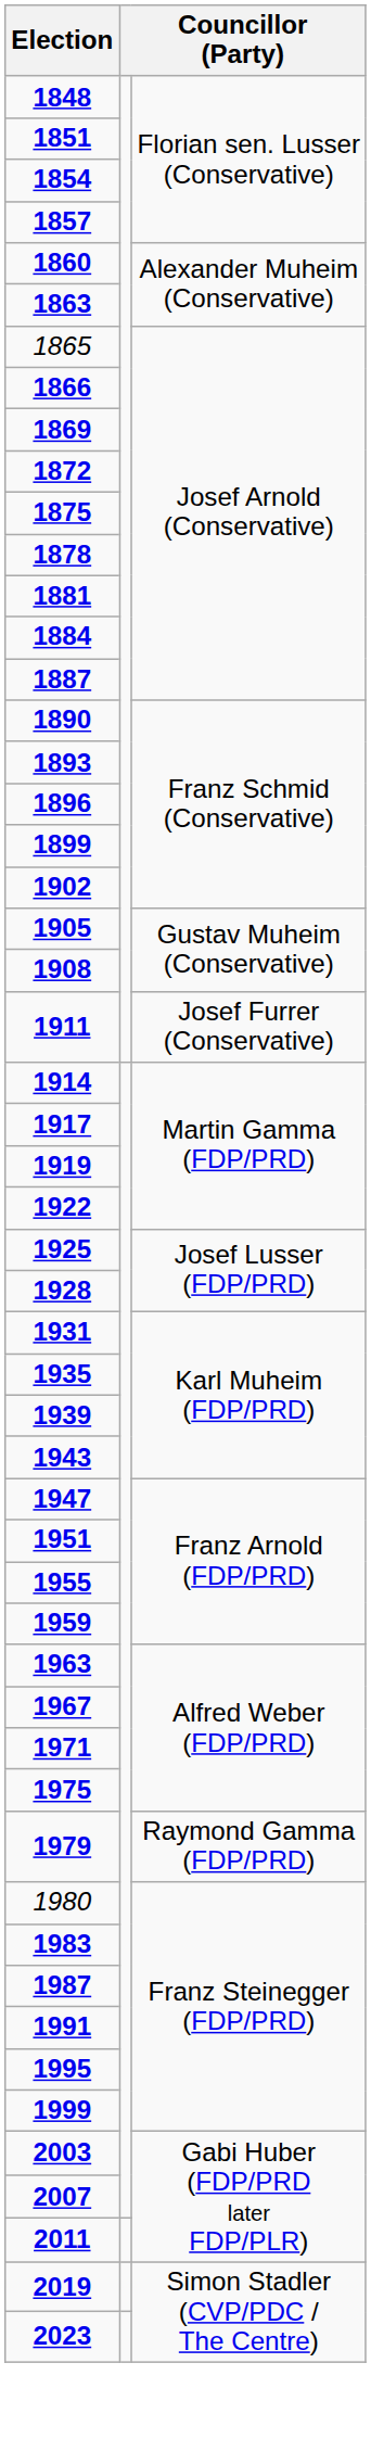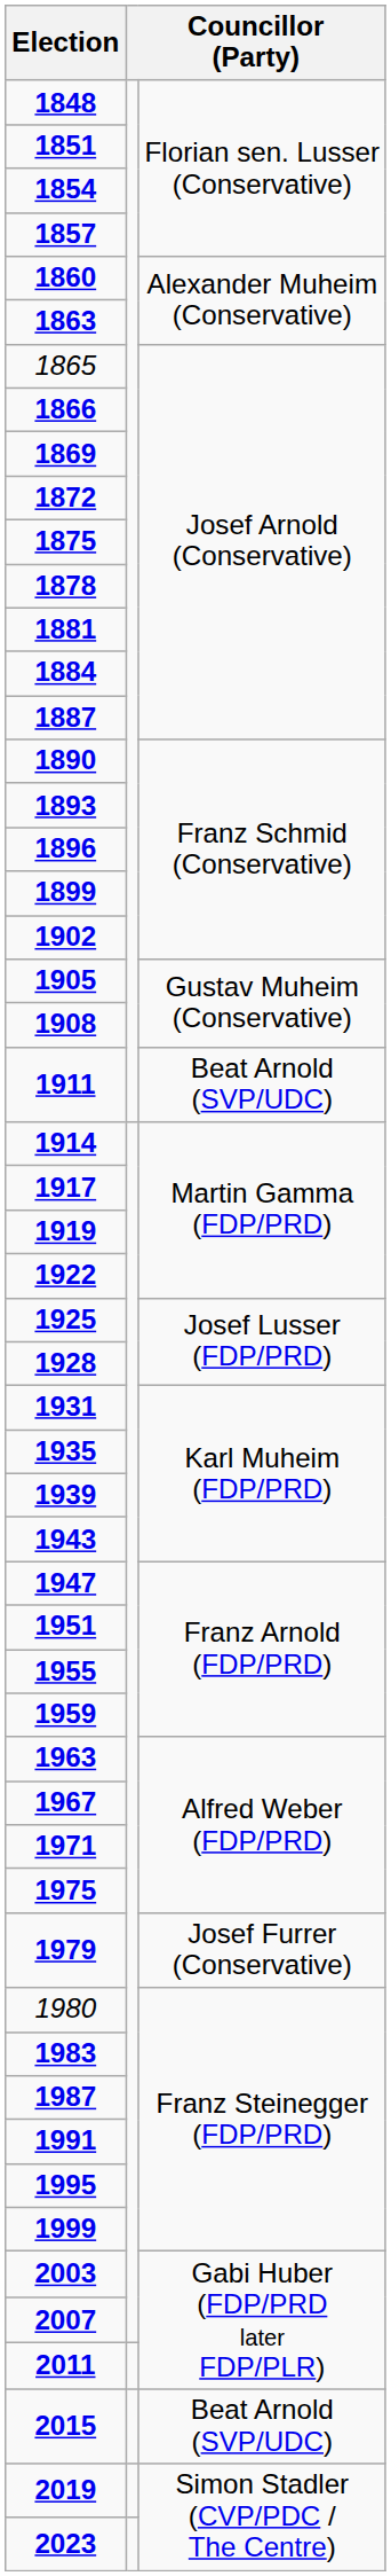 <table class="wikitable" style="text-align:center">
 <tr>
 <th>Election</th>
 <th colspan=2>Councillor<br>(Party)</th>
 </tr>
 <tr>
 <td><strong><a href='#'>1848</a></strong></td>
 <td rowspan=23; style="background-color: "></td>
 <td rowspan=4>Florian sen. Lusser<br>(Conservative)</td>
 </tr>
 <tr>
 <td><strong><a href='#'>1851</a></strong></td>
 </tr>
 <tr>
 <td><strong><a href='#'>1854</a></strong></td>
 </tr>
 <tr>
 <td><strong><a href='#'>1857</a></strong></td>
 </tr>
 <tr>
 <td><strong><a href='#'>1860</a></strong></td>
 <td rowspan=2>Alexander Muheim<br>(Conservative)</td>
 </tr>
 <tr>
 <td><strong><a href='#'>1863</a></strong></td>
 </tr>
 <tr>
 <td><em>1865</em></td>
 <td rowspan=9>Josef Arnold<br>(Conservative)</td>
 </tr>
 <tr>
 <td><strong><a href='#'>1866</a></strong></td>
 </tr>
 <tr>
 <td><strong><a href='#'>1869</a></strong></td>
 </tr>
 <tr>
 <td><strong><a href='#'>1872</a></strong></td>
 </tr>
 <tr>
 <td><strong><a href='#'>1875</a></strong></td>
 </tr>
 <tr>
 <td><strong><a href='#'>1878</a></strong></td>
 </tr>
 <tr>
 <td><strong><a href='#'>1881</a></strong></td>
 </tr>
 <tr>
 <td><strong><a href='#'>1884</a></strong></td>
 </tr>
 <tr>
 <td><strong><a href='#'>1887</a></strong></td>
 </tr>
 <tr>
 <td><strong><a href='#'>1890</a></strong></td>
 <td rowspan=5>Franz Schmid<br>(Conservative)</td>
 </tr>
 <tr>
 <td><strong><a href='#'>1893</a></strong></td>
 </tr>
 <tr>
 <td><strong><a href='#'>1896</a></strong></td>
 </tr>
 <tr>
 <td><strong><a href='#'>1899</a></strong></td>
 </tr>
 <tr>
 <td><strong><a href='#'>1902</a></strong></td>
 </tr>
 <tr>
 <td><strong><a href='#'>1905</a></strong></td>
 <td rowspan=2>Gustav Muheim<br>(Conservative)</td>
 </tr>
 <tr>
 <td><strong><a href='#'>1908</a></strong></td>
 </tr>
 <tr>
 <td><strong><a href='#'>1911</a></strong></td>
-<td rowspan=1>Josef Furrer<br>(Conservative)</td>
+<td rowspan=1>Beat Arnold<br>(<a href='#'>SVP/UDC</a>)</td>
 </tr>
 <tr>
 <td><strong><a href='#'>1914</a></strong></td>
 <td rowspan=27; style="background-color: "></td>
 <td rowspan=4>Martin Gamma<br>(<a href='#'>FDP/PRD</a>)</td>
 </tr>
 <tr>
 <td><strong><a href='#'>1917</a></strong></td>
 </tr>
 <tr>
 <td><strong><a href='#'>1919</a></strong></td>
 </tr>
 <tr>
 <td><strong><a href='#'>1922</a></strong></td>
 </tr>
 <tr>
 <td><strong><a href='#'>1925</a></strong></td>
 <td rowspan=2>Josef Lusser<br>(<a href='#'>FDP/PRD</a>)</td>
 </tr>
 <tr>
 <td><strong><a href='#'>1928</a></strong></td>
 </tr>
 <tr>
 <td><strong><a href='#'>1931</a></strong></td>
 <td rowspan=4>Karl Muheim<br>(<a href='#'>FDP/PRD</a>)</td>
 </tr>
 <tr>
 <td><strong><a href='#'>1935</a></strong></td>
 </tr>
 <tr>
 <td><strong><a href='#'>1939</a></strong></td>
 </tr>
 <tr>
 <td><strong><a href='#'>1943</a></strong></td>
 </tr>
 <tr>
 <td><strong><a href='#'>1947</a></strong></td>
 <td rowspan=4>Franz Arnold<br>(<a href='#'>FDP/PRD</a>)</td>
 </tr>
 <tr>
 <td><strong><a href='#'>1951</a></strong></td>
 </tr>
 <tr>
 <td><strong><a href='#'>1955</a></strong></td>
 </tr>
 <tr>
 <td><strong><a href='#'>1959</a></strong></td>
 </tr>
 <tr>
 <td><strong><a href='#'>1963</a></strong></td>
 <td rowspan=4>Alfred Weber<br>(<a href='#'>FDP/PRD</a>)</td>
 </tr>
 <tr>
 <td><strong><a href='#'>1967</a></strong></td>
 </tr>
 <tr>
 <td><strong><a href='#'>1971</a></strong></td>
 </tr>
 <tr>
 <td><strong><a href='#'>1975</a></strong></td>
 </tr>
 <tr>
 <td><strong><a href='#'>1979</a></strong></td>
-<td rowspan=1>Raymond Gamma<br>(<a href='#'>FDP/PRD</a>)</td>
+<td rowspan=1>Josef Furrer<br>(Conservative)</td>
 </tr>
 <tr>
 <td><em>1980</em></td>
 <td rowspan=6>Franz Steinegger<br>(<a href='#'>FDP/PRD</a>)</td>
 </tr>
 <tr>
 <td><strong><a href='#'>1983</a></strong></td>
 </tr>
 <tr>
 <td><strong><a href='#'>1987</a></strong></td>
 </tr>
 <tr>
 <td><strong><a href='#'>1991</a></strong></td>
 </tr>
 <tr>
 <td><strong><a href='#'>1995</a></strong></td>
 </tr>
 <tr>
 <td><strong><a href='#'>1999</a></strong></td>
 </tr>
 <tr>
 <td><strong><a href='#'>2003</a></strong></td>
 <td rowspan=3>Gabi Huber<br>(<a href='#'>FDP/PRD</a><br><small>later</small><br><a href='#'>FDP/PLR</a>)</td>
 </tr>
 <tr>
 <td><strong><a href='#'>2007</a></strong></td>
 </tr>
 <tr>
 <td><strong><a href='#'>2011</a></strong></td>
 <td rowspan=1; style="background-color: "></td>
 </tr>
 <tr>
+<td><strong><a href='#'>2015</a></strong></td>
+<td rowspan=1; style="background-color: "></td>
+<td rowspan=1>Beat Arnold<br>(<a href='#'>SVP/UDC</a>)</td>
+</tr>
+<tr>
 <td><strong><a href='#'>2019</a></strong></td>
 <td rowspan=1; style="background-color: "></td>
 <td rowspan=2>Simon Stadler<br>(<a href='#'>CVP/PDC</a> /<br><a href='#'>The Centre</a>)</td>
 </tr>
 <tr>
 <td><strong><a href='#'>2023</a></strong></td>
 <td rowspan=1; style="background-color: "></td>
 </tr>
 </table>
